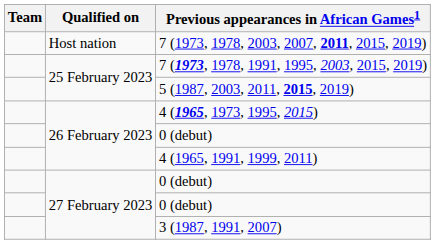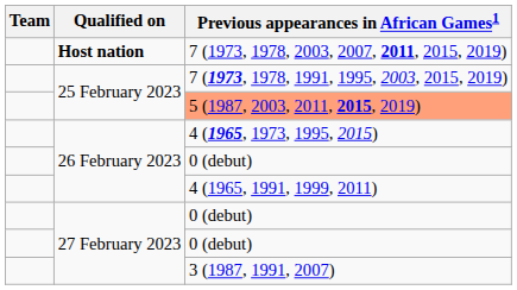 <table class="wikitable">
 <tr>
 <th>Team</th>
 <th>Qualified on</th>
 <th data-sort-type="number">Previous appearances in <a href='#'>African Games</a><sup><strong><a href='#'>1</a></strong></sup></th>
 </tr>
 <tr>
 <td></td>
-<td>Host nation</td>
+<td><strong>Host nation</strong></td>
 <td>7 (<a href='#'>1973</a>, <a href='#'>1978</a>, <a href='#'>2003</a>, <a href='#'>2007</a>, <strong><a href='#'>2011</a></strong>, <a href='#'>2015</a>, <a href='#'>2019</a>)</td>
 </tr>
 <tr>
 <td></td>
 <td rowspan=2>25 February 2023</td>
 <td>7 (<strong><em><a href='#'>1973</a></em></strong>, <a href='#'>1978</a>, <a href='#'>1991</a>, <a href='#'>1995</a>, <em><a href='#'>2003</a></em>, <a href='#'>2015</a>, <a href='#'>2019</a>)</td>
 </tr>
 <tr>
 <td></td>
-<td>5 (<a href='#'>1987</a>, <a href='#'>2003</a>, <a href='#'>2011</a>, <strong><a href='#'>2015</a></strong>, <a href='#'>2019</a>)</td>
+<td style="background: lightsalmon;">5 (<a href='#'>1987</a>, <a href='#'>2003</a>, <a href='#'>2011</a>, <strong><a href='#'>2015</a></strong>, <a href='#'>2019</a>)</td>
 </tr>
 <tr>
 <td></td>
 <td rowspan=3>26 February 2023</td>
 <td>4 (<strong><em><a href='#'>1965</a></em></strong>, <a href='#'>1973</a>, <a href='#'>1995</a>, <em><a href='#'>2015</a></em>)</td>
 </tr>
 <tr>
 <td></td>
 <td>0 (debut)</td>
 </tr>
 <tr>
 <td></td>
 <td>4 (<a href='#'>1965</a>, <a href='#'>1991</a>, <a href='#'>1999</a>, <a href='#'>2011</a>)</td>
 </tr>
 <tr>
 <td></td>
 <td rowspan=3>27 February 2023</td>
 <td>0 (debut)</td>
 </tr>
 <tr>
 <td></td>
 <td>0 (debut)</td>
 </tr>
 <tr>
 <td></td>
 <td>3 (<a href='#'>1987</a>, <a href='#'>1991</a>, <a href='#'>2007</a>)</td>
 </tr>
 </table>
